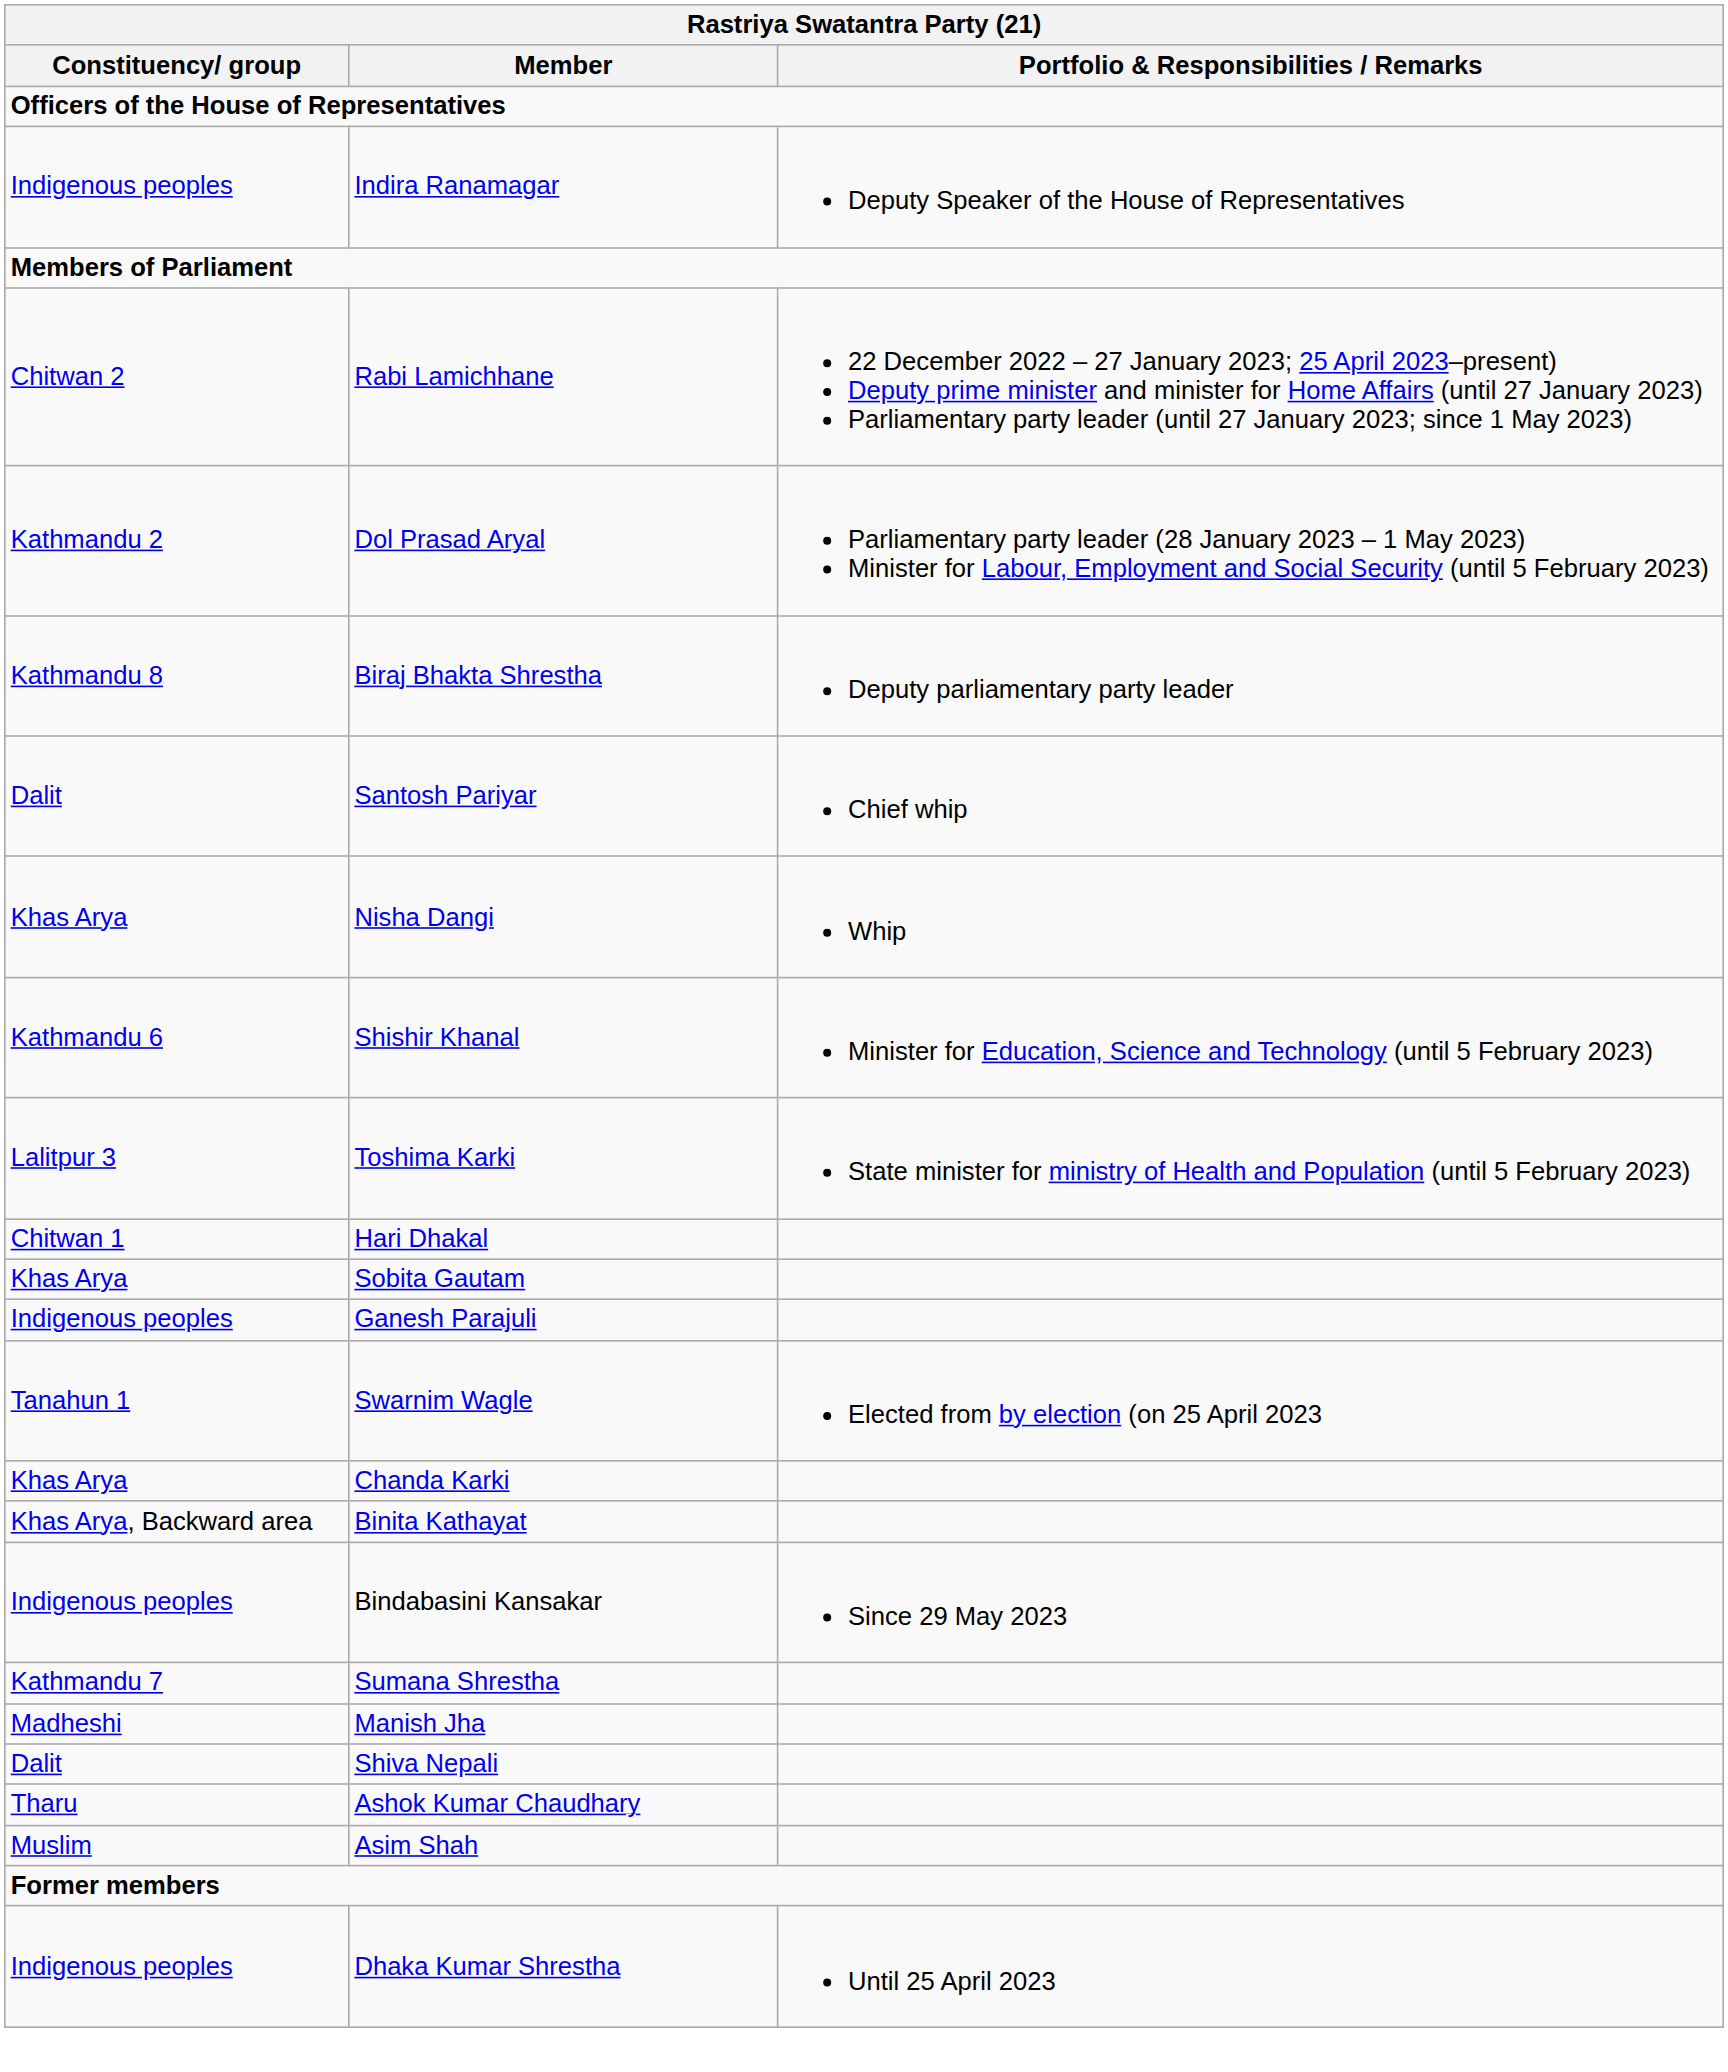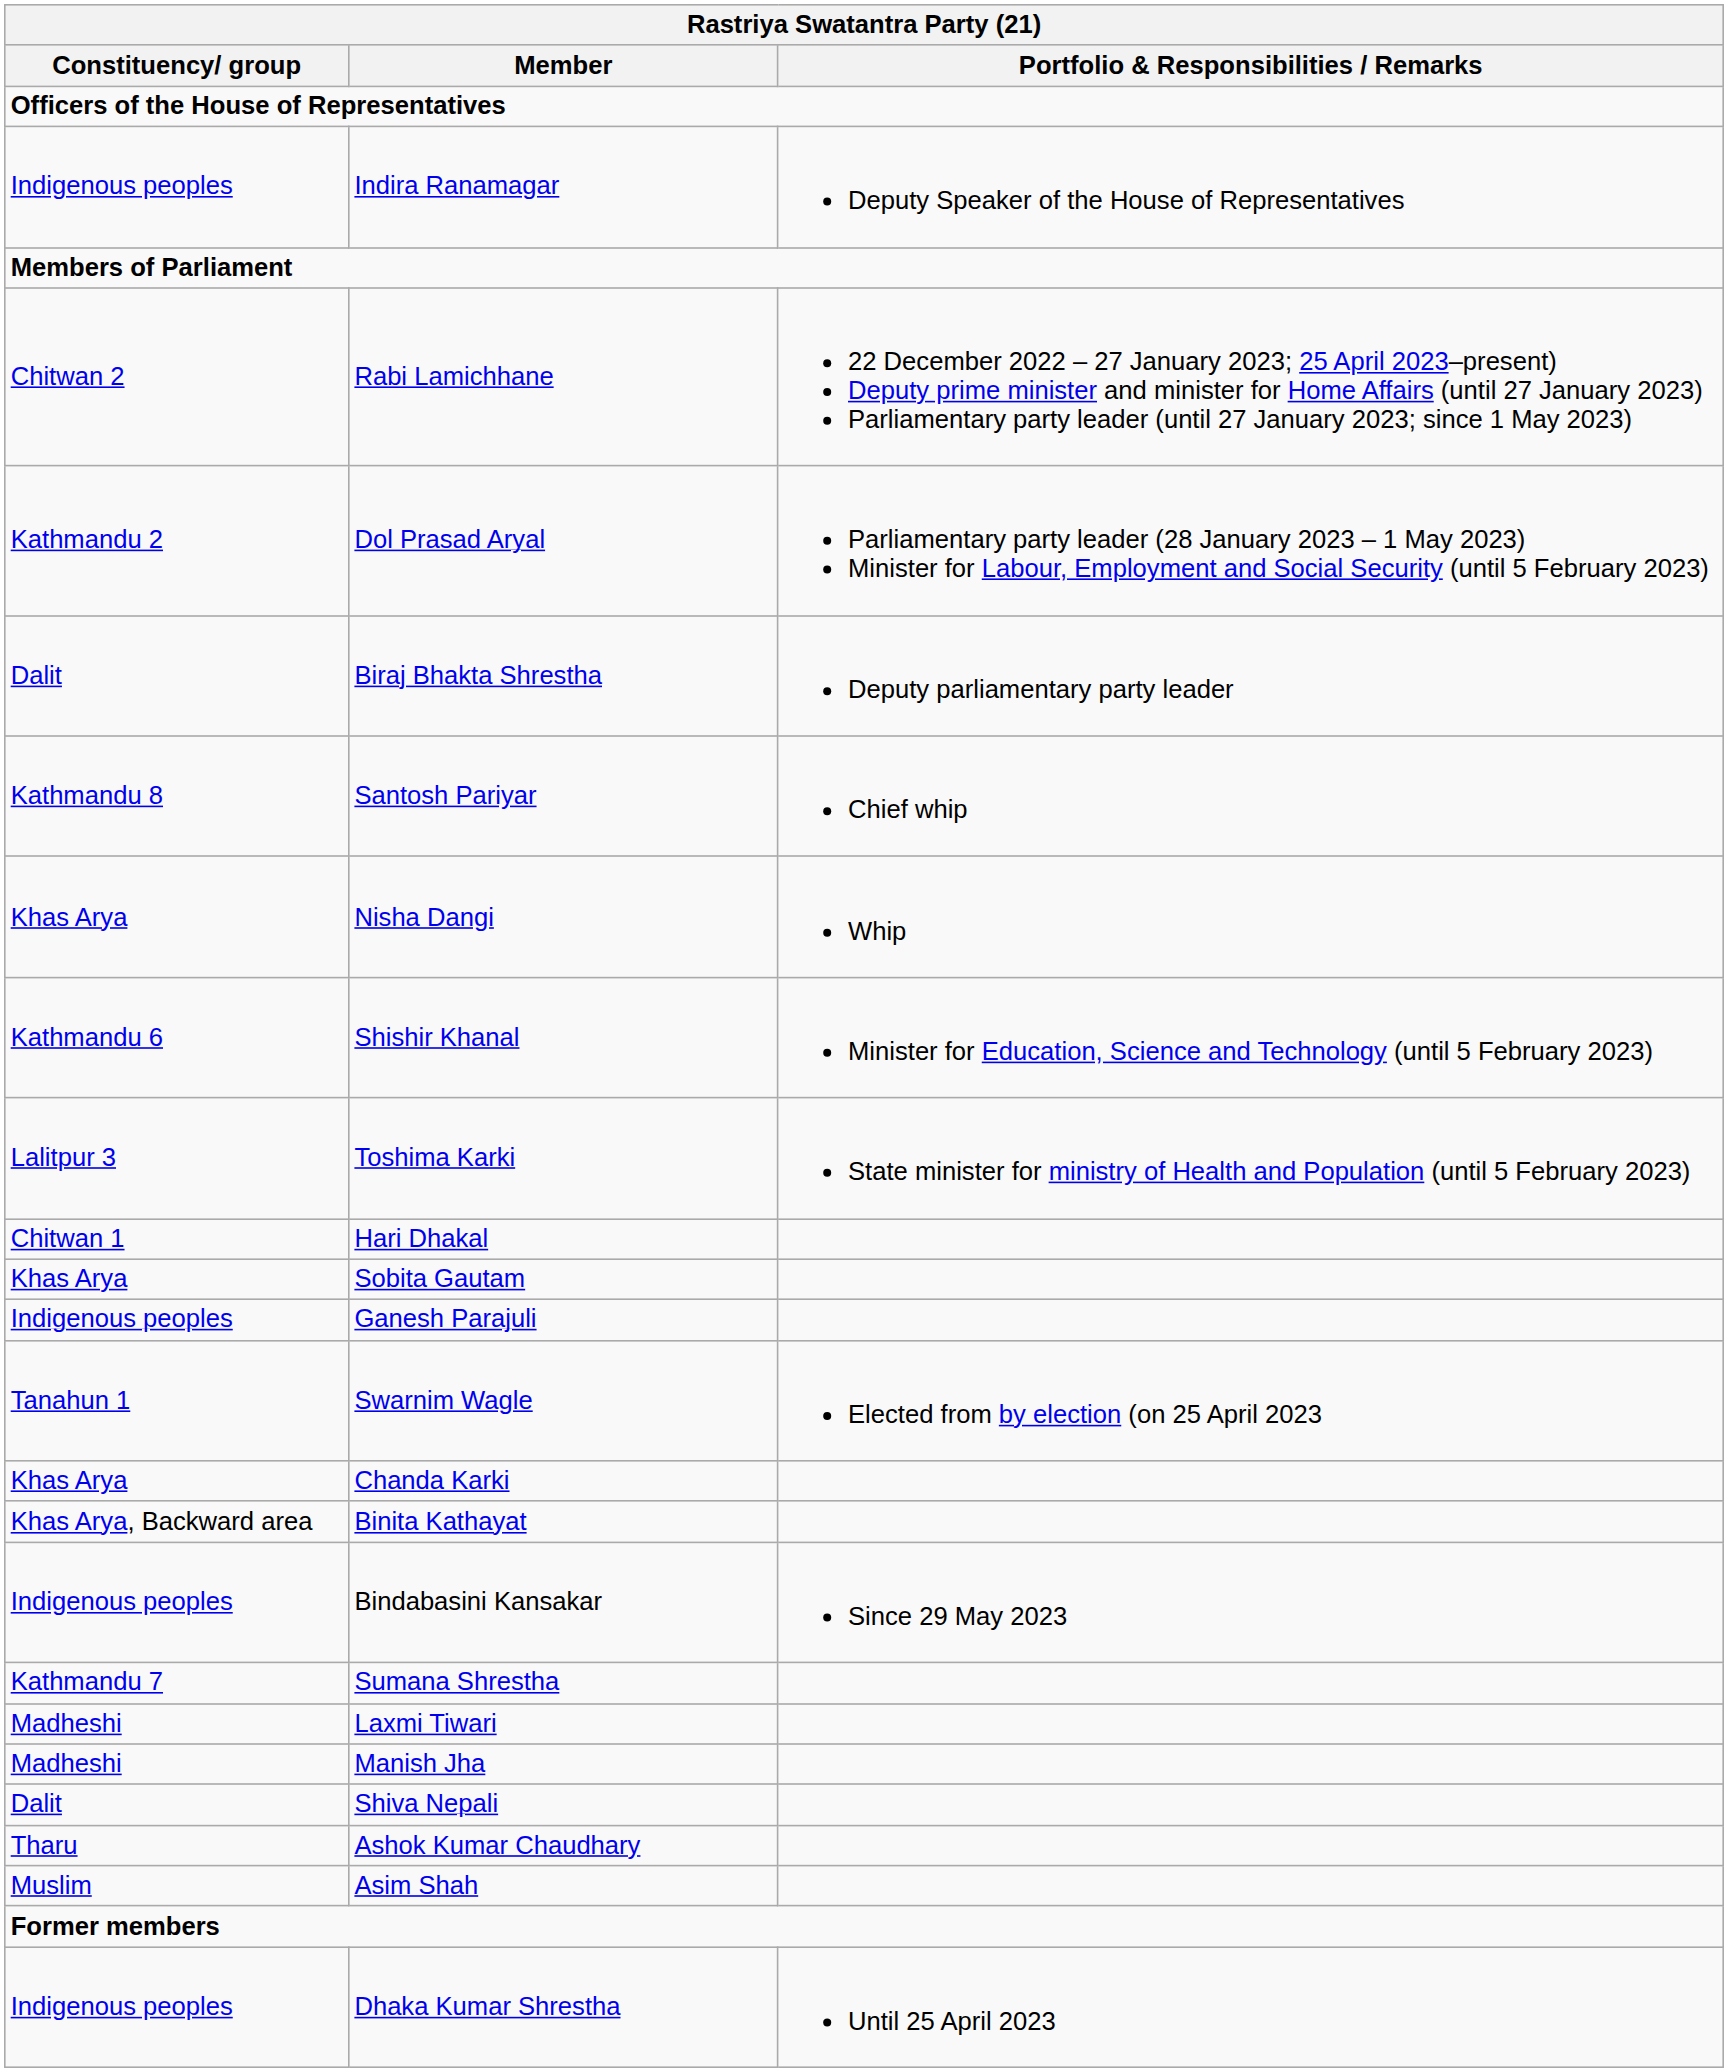 <table class="wikitable sortable mw-collapsible mw-collapsed">
 <tr>
 <th colspan="3" style="width: 800pt; background:">Rastriya Swatantra Party (21)</th>
 </tr>
 <tr>
 <th style="width:20%;">Constituency/ group</th>
 <th style="width:25%;">Member</th>
 <th>Portfolio & Responsibilities / Remarks</th>
 </tr>
 <tr>
 <td colspan="3"><strong>Officers of the House of Representatives</strong></td>
 </tr>
 <tr>
 <td><a href='#'>Indigenous peoples</a></td>
 <td><a href='#'>Indira Ranamagar</a></td>
 <td><br><ul><li>Deputy Speaker of the House of Representatives</li></ul></td>
 </tr>
 <tr>
 <td colspan="3"><strong>Members of Parliament</strong></td>
 </tr>
 <tr>
 <td><a href='#'>Chitwan 2</a></td>
 <td><a href='#'>Rabi Lamichhane</a></td>
 <td><br><ul><li>22 December 2022 – 27 January 2023; <a href='#'>25 April 2023</a>–present)</li><li><a href='#'>Deputy prime minister</a> and minister for <a href='#'>Home Affairs</a> (until 27 January 2023)</li><li>Parliamentary party leader (until 27 January 2023; since 1 May 2023)</li></ul></td>
 </tr>
 <tr>
 <td><a href='#'>Kathmandu 2</a></td>
 <td><a href='#'>Dol Prasad Aryal</a></td>
 <td><br><ul><li>Parliamentary party leader (28 January 2023 – 1 May 2023)</li><li>Minister for <a href='#'>Labour, Employment and Social Security</a> (until 5 February 2023)</li></ul></td>
 </tr>
 <tr>
-<td><a href='#'>Kathmandu 8</a></td>
+<td><a href='#'>Dalit</a></td>
 <td><a href='#'>Biraj Bhakta Shrestha</a></td>
 <td><br><ul><li>Deputy parliamentary party leader</li></ul></td>
 </tr>
 <tr>
-<td><a href='#'>Dalit</a></td>
+<td><a href='#'>Kathmandu 8</a></td>
 <td><a href='#'>Santosh Pariyar</a></td>
 <td><br><ul><li>Chief whip</li></ul></td>
 </tr>
 <tr>
 <td><a href='#'>Khas Arya</a></td>
 <td><a href='#'>Nisha Dangi</a></td>
 <td><br><ul><li>Whip</li></ul></td>
 </tr>
 <tr>
 <td><a href='#'>Kathmandu 6</a></td>
 <td><a href='#'>Shishir Khanal</a></td>
 <td><br><ul><li>Minister for <a href='#'>Education, Science and Technology</a> (until 5 February 2023)</li></ul></td>
 </tr>
 <tr>
 <td><a href='#'>Lalitpur 3</a></td>
 <td><a href='#'>Toshima Karki</a></td>
 <td><br><ul><li>State minister for <a href='#'>ministry of Health and Population</a> (until 5 February 2023)</li></ul></td>
 </tr>
 <tr>
 <td><a href='#'>Chitwan 1</a></td>
 <td><a href='#'>Hari Dhakal</a></td>
 <td></td>
 </tr>
 <tr>
 <td><a href='#'>Khas Arya</a></td>
 <td><a href='#'>Sobita Gautam</a></td>
 <td></td>
 </tr>
 <tr>
 <td><a href='#'>Indigenous peoples</a></td>
 <td><a href='#'>Ganesh Parajuli</a></td>
 <td></td>
 </tr>
 <tr>
 <td><a href='#'>Tanahun 1</a></td>
 <td><a href='#'>Swarnim Wagle</a></td>
 <td><br><ul><li>Elected from <a href='#'>by election</a> (on 25 April 2023</li></ul></td>
 </tr>
 <tr>
 <td><a href='#'>Khas Arya</a></td>
 <td><a href='#'>Chanda Karki</a></td>
 <td></td>
 </tr>
 <tr>
 <td><a href='#'>Khas Arya</a>, Backward area</td>
 <td><a href='#'>Binita Kathayat</a></td>
 <td></td>
 </tr>
 <tr>
 <td><a href='#'>Indigenous peoples</a></td>
 <td>Bindabasini Kansakar</td>
 <td><br><ul><li>Since 29 May 2023</li></ul></td>
 </tr>
 <tr>
 <td><a href='#'>Kathmandu 7</a></td>
 <td><a href='#'>Sumana Shrestha</a></td>
 <td></td>
 </tr>
 <tr>
 <td><a href='#'>Madheshi</a></td>
+<td><a href='#'>Laxmi Tiwari</a></td>
+<td></td>
+</tr>
+<tr>
+<td><a href='#'>Madheshi</a></td>
 <td><a href='#'>Manish Jha</a></td>
 <td></td>
 </tr>
 <tr>
 <td><a href='#'>Dalit</a></td>
 <td><a href='#'>Shiva Nepali</a></td>
 <td></td>
 </tr>
 <tr>
 <td><a href='#'>Tharu</a></td>
 <td><a href='#'>Ashok Kumar Chaudhary</a></td>
 <td></td>
 </tr>
 <tr>
 <td><a href='#'>Muslim</a></td>
 <td><a href='#'>Asim Shah</a></td>
 <td></td>
 </tr>
 <tr>
 <td colspan="3"><strong>Former members</strong></td>
 </tr>
 <tr>
 <td><a href='#'>Indigenous peoples</a></td>
 <td><a href='#'>Dhaka Kumar Shrestha</a></td>
 <td><br><ul><li>Until 25 April 2023</li></ul></td>
 </tr>
 </table>
